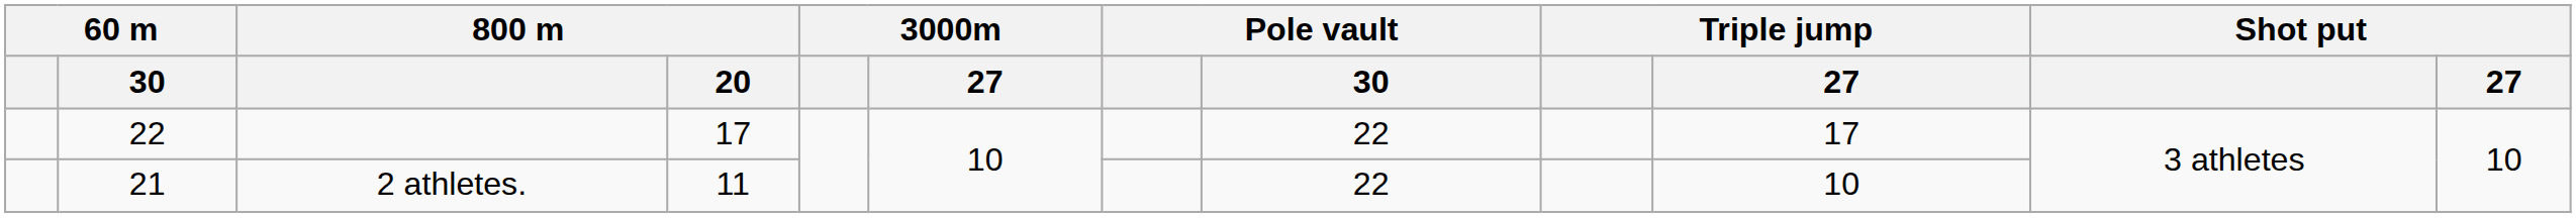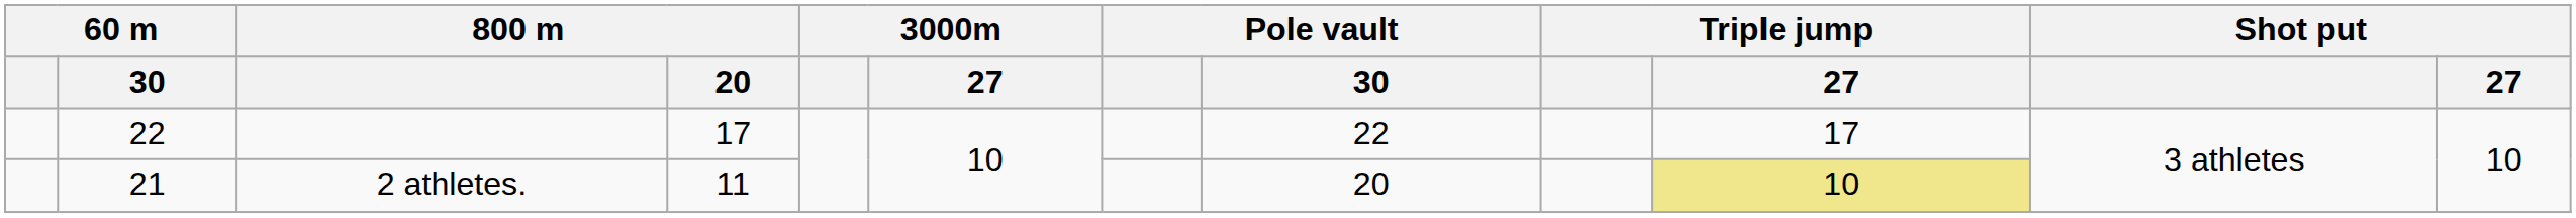 <table class="wikitable" width=100%>
 <tr>
 <th colspan="2">60 m</th>
 <th colspan="2">800 m</th>
 <th colspan="2">3000m</th>
 <th colspan="2">Pole vault</th>
 <th colspan="2">Triple jump</th>
 <th colspan="2">Shot put</th>
 </tr>
 <tr bgcolor=#ffddff align="left">
 <th></th>
 <th>30</th>
 <th></th>
 <th>20</th>
 <th></th>
 <th>27</th>
 <th></th>
 <th>30</th>
 <th></th>
 <th>27</th>
 <th></th>
 <th>27</th>
 </tr>
 <tr align="center">
 <td></td>
 <td>22</td>
 <td></td>
 <td>17</td>
 <td rowspan=2><br></td>
 <td rowspan=2>10</td>
 <td></td>
 <td>22</td>
 <td></td>
 <td>17</td>
 <td rowspan=2>3 athletes</td>
 <td rowspan=2>10</td>
 </tr>
 <tr align="center">
 <td></td>
 <td>21</td>
 <td>2 athletes.</td>
 <td>11</td>
 <td></td>
-<td>22</td>
+<td>20</td>
 <td></td>
-<td>10</td>
+<td style="background: khaki;">10</td>
 </tr>
 </table>
